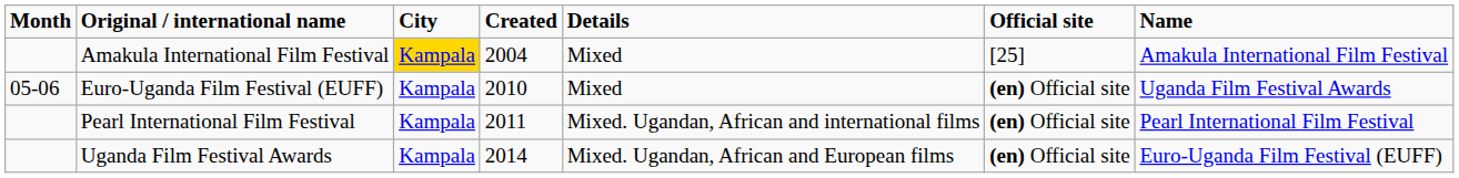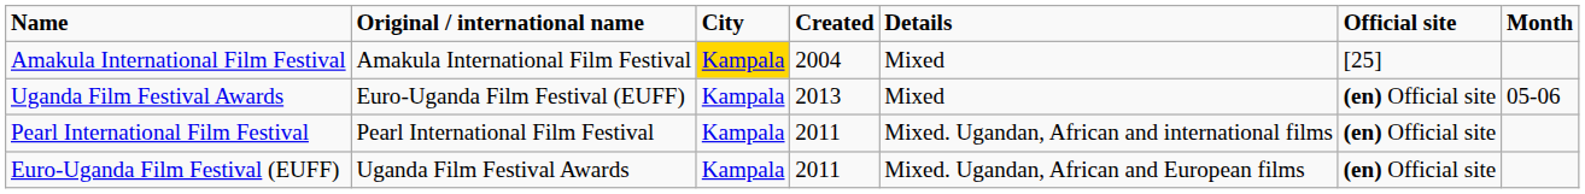 <table class="wikitable">
 <tr>
-<td><strong>Month</strong></td>
+<td><strong>Name</strong></td>
 <td><strong>Original / international name</strong></td>
 <td><strong>City</strong></td>
 <td><strong>Created</strong></td>
 <td><strong>Details</strong></td>
 <td><strong>Official site</strong></td>
-<td><strong>Name</strong></td>
+<td><strong>Month</strong></td>
 </tr>
 <tr>
-<td></td>
+<td><a href='#'>Amakula International Film Festival</a></td>
 <td>Amakula International Film Festival</td>
 <td style="background: gold;"><a href='#'>Kampala</a></td>
 <td>2004</td>
 <td>Mixed</td>
 <td>[25]</td>
-<td><a href='#'>Amakula International Film Festival</a></td>
+<td></td>
 </tr>
 <tr>
-<td>05-06</td>
+<td><a href='#'>Uganda Film Festival Awards</a></td>
 <td>Euro-Uganda Film Festival (EUFF)</td>
 <td><a href='#'>Kampala</a></td>
-<td>2010</td>
+<td>2013</td>
 <td>Mixed</td>
 <td><strong>(en)</strong> Official site</td>
-<td><a href='#'>Uganda Film Festival Awards</a></td>
+<td>05-06</td>
 </tr>
 <tr>
-<td></td>
+<td><a href='#'>Pearl International Film Festival</a></td>
 <td>Pearl International Film Festival</td>
 <td><a href='#'>Kampala</a></td>
 <td>2011</td>
 <td>Mixed. Ugandan, African and international films</td>
 <td><strong>(en)</strong> Official site</td>
-<td><a href='#'>Pearl International Film Festival</a></td>
+<td></td>
 </tr>
 <tr>
-<td></td>
+<td><a href='#'>Euro-Uganda Film Festival</a> (EUFF)</td>
 <td>Uganda Film Festival Awards</td>
 <td><a href='#'>Kampala</a></td>
-<td>2014</td>
+<td>2011</td>
 <td>Mixed. Ugandan, African and European films</td>
 <td><strong>(en)</strong> Official site</td>
-<td><a href='#'>Euro-Uganda Film Festival</a> (EUFF)</td>
+<td></td>
 </tr>
 </table>
